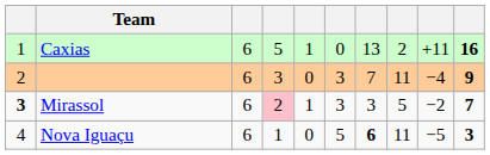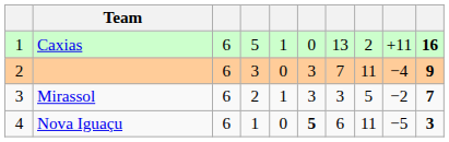 <table class="wikitable" style="text-align: center;">
 <tr>
 <th width=20></th>
 <th width=165>Team</th>
 <th width=20></th>
 <th width=20></th>
 <th width=20></th>
 <th width=20></th>
 <th width=20></th>
 <th width=20></th>
 <th width=20></th>
 <th width=20></th>
 </tr>
 <tr bgcolor=#ccffcc>
 <td>1</td>
 <td align=left> <a href='#'>Caxias</a></td>
 <td>6</td>
 <td>5</td>
 <td>1</td>
 <td>0</td>
 <td>13</td>
 <td>2</td>
 <td>+11</td>
 <td><strong>16</strong></td>
 </tr>
 <tr bgcolor=#ffcc99>
 <td>2</td>
 <td align=left></td>
 <td>6</td>
 <td>3</td>
 <td>0</td>
 <td>3</td>
 <td>7</td>
 <td>11</td>
 <td>−4</td>
 <td><strong>9</strong></td>
 </tr>
 <tr>
-<td><strong>3</strong></td>
+<td>3</td>
 <td align=left> <a href='#'>Mirassol</a></td>
 <td>6</td>
-<td style="background: pink;">2</td>
+<td>2</td>
 <td>1</td>
 <td>3</td>
 <td>3</td>
 <td>5</td>
 <td>−2</td>
 <td><strong>7</strong></td>
 </tr>
 <tr>
 <td>4</td>
 <td align=left> <a href='#'>Nova Iguaçu</a></td>
 <td>6</td>
 <td>1</td>
 <td>0</td>
-<td>5</td>
-<td><strong>6</strong></td>
+<td><strong>5</strong></td>
+<td>6</td>
 <td>11</td>
 <td>−5</td>
 <td><strong>3</strong></td>
 </tr>
 </table>
